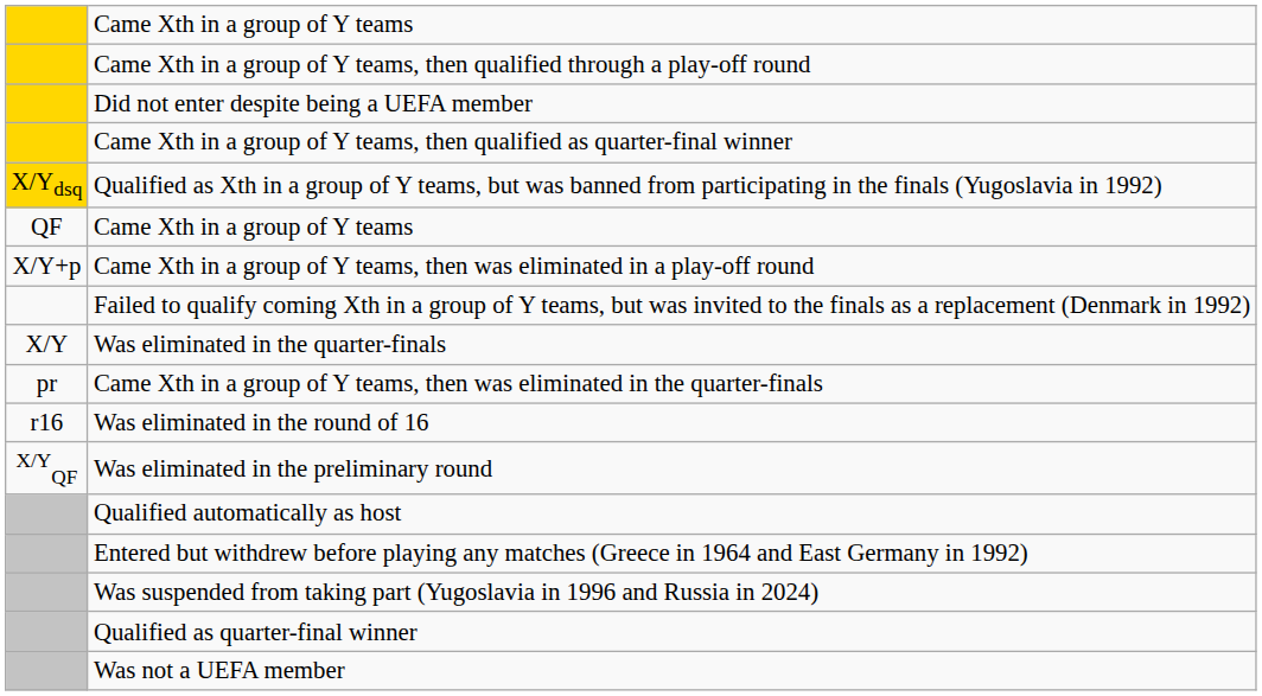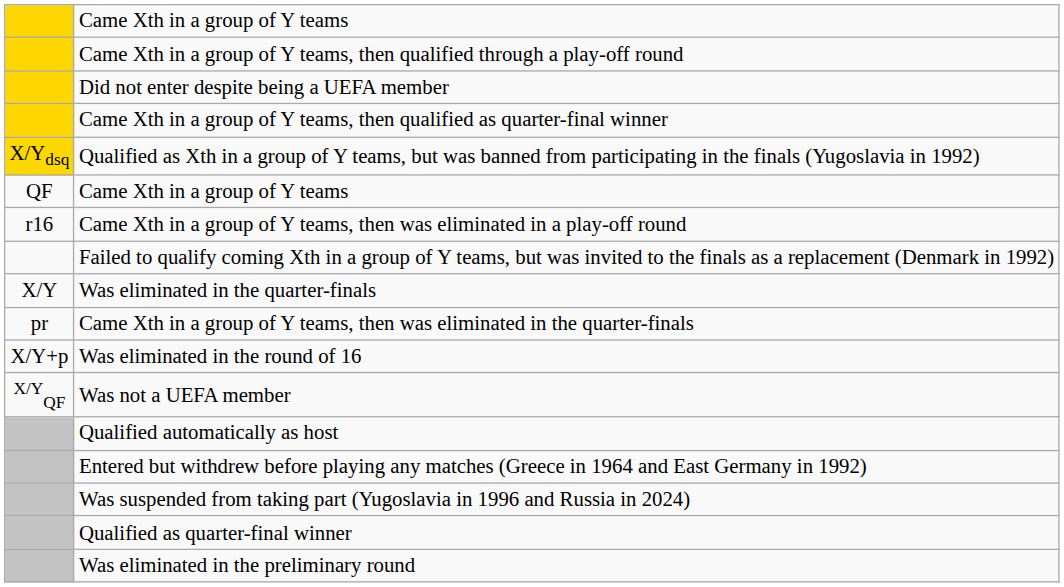 <table class="wikitable" style="text-align:center">
 <tr>
 <td width=38 bgcolor=gold><strong></strong></td>
 <td align=left>Came Xth in a group of Y teams</td>
 </tr>
 <tr>
 <td bgcolor=gold><strong></strong></td>
 <td align=left>Came Xth in a group of Y teams, then qualified through a play-off round</td>
 </tr>
 <tr>
 <td bgcolor=gold><strong></strong></td>
 <td align=left>Did not enter despite being a UEFA member</td>
 </tr>
 <tr>
 <td bgcolor=gold><strong></strong></td>
 <td align=left>Came Xth in a group of Y teams, then qualified as quarter-final winner</td>
 </tr>
 <tr>
 <td bgcolor=gold>X/Y<sub>dsq</sub></td>
 <td align=left>Qualified as Xth in a group of Y teams, but was banned from participating in the finals (Yugoslavia in 1992)</td>
 </tr>
 <tr>
 <td>QF</td>
 <td align=left>Came Xth in a group of Y teams</td>
 </tr>
 <tr>
-<td>X/Y+p</td>
+<td>r16</td>
 <td align=left>Came Xth in a group of Y teams, then was eliminated in a play-off round</td>
 </tr>
 <tr>
 <td><strong></strong></td>
 <td align=left>Failed to qualify coming Xth in a group of Y teams, but was invited to the finals as a replacement (Denmark in 1992)</td>
 </tr>
 <tr>
 <td>X/Y</td>
 <td align=left>Was eliminated in the quarter-finals</td>
 </tr>
 <tr>
 <td>pr</td>
 <td align=left>Came Xth in a group of Y teams, then was eliminated in the quarter-finals</td>
 </tr>
 <tr>
-<td>r16</td>
+<td>X/Y+p</td>
 <td align=left>Was eliminated in the round of 16</td>
 </tr>
 <tr>
 <td><sup>X/Y</sup><sub>QF</sub></td>
-<td align=left>Was eliminated in the preliminary round</td>
+<td align=left>Was not a UEFA member</td>
 </tr>
 <tr>
 <td bgcolor="#c3c3c3"><strong></strong></td>
 <td align=left>Qualified automatically as host</td>
 </tr>
 <tr>
 <td bgcolor="#c3c3c3"></td>
 <td align=left>Entered but withdrew before playing any matches (Greece in 1964 and East Germany in 1992)</td>
 </tr>
 <tr>
 <td bgcolor="#c3c3c3"></td>
 <td align=left>Was suspended from taking part (Yugoslavia in 1996 and Russia in 2024)</td>
 </tr>
 <tr>
 <td bgcolor="#c3c3c3"></td>
 <td align=left>Qualified as quarter-final winner</td>
 </tr>
 <tr>
 <td bgcolor="#c3c3c3"></td>
-<td align=left>Was not a UEFA member</td>
+<td align=left>Was eliminated in the preliminary round</td>
 </tr>
 </table>
